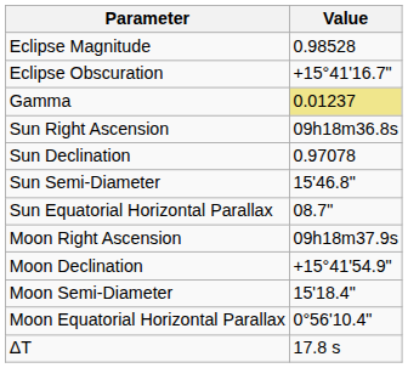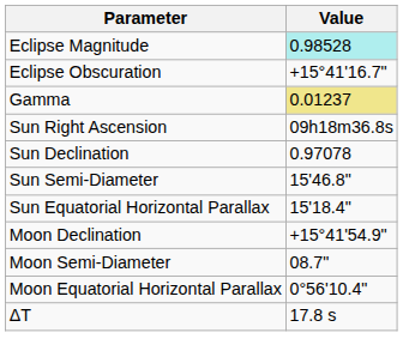 <table class="wikitable">
 <tr>
 <th>Parameter</th>
 <th>Value</th>
 </tr>
 <tr>
 <td>Eclipse Magnitude</td>
-<td>0.98528</td>
+<td style="background: paleturquoise;">0.98528</td>
 </tr>
 <tr>
 <td>Eclipse Obscuration</td>
 <td>+15°41'16.7"</td>
 </tr>
 <tr>
 <td>Gamma</td>
 <td style="background: khaki;">0.01237</td>
 </tr>
 <tr>
 <td>Sun Right Ascension</td>
 <td>09h18m36.8s</td>
 </tr>
 <tr>
 <td>Sun Declination</td>
 <td>0.97078</td>
 </tr>
 <tr>
 <td>Sun Semi-Diameter</td>
 <td>15'46.8"</td>
 </tr>
 <tr>
 <td>Sun Equatorial Horizontal Parallax</td>
-<td>08.7"</td>
-</tr>
-<tr>
-<td>Moon Right Ascension</td>
-<td>09h18m37.9s</td>
+<td>15'18.4"</td>
 </tr>
 <tr>
 <td>Moon Declination</td>
 <td>+15°41'54.9"</td>
 </tr>
 <tr>
 <td>Moon Semi-Diameter</td>
-<td>15'18.4"</td>
+<td>08.7"</td>
 </tr>
 <tr>
 <td>Moon Equatorial Horizontal Parallax</td>
 <td>0°56'10.4"</td>
 </tr>
 <tr>
 <td>ΔT</td>
 <td>17.8 s</td>
 </tr>
 </table>
